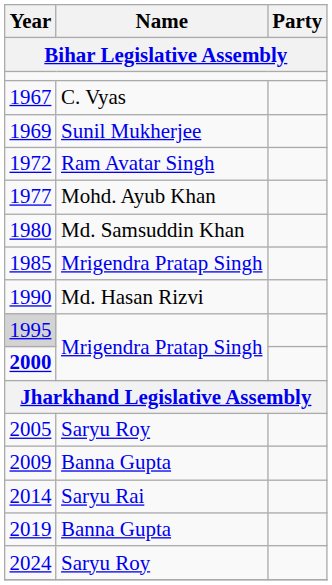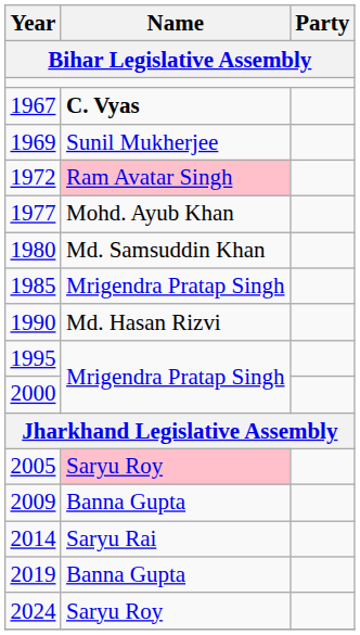 <table class ="wikitable sortable">
 <tr>
 <th>Year</th>
 <th>Name</th>
 <th colspan=2>Party</th>
 </tr>
 <tr>
 <th colspan=4><a href='#'>Bihar Legislative Assembly</a></th>
 </tr>
 <tr>
 <td colspan="4"></td>
 </tr>
 <tr>
 <td><a href='#'>1967</a></td>
-<td>C. Vyas</td>
+<td><strong>C. Vyas</strong></td>
 <td></td>
 </tr>
 <tr>
 <td><a href='#'>1969</a></td>
 <td><a href='#'>Sunil Mukherjee</a></td>
 <td></td>
 </tr>
 <tr>
 <td><a href='#'>1972</a></td>
-<td><a href='#'>Ram Avatar Singh</a></td>
+<td style="background: pink;"><a href='#'>Ram Avatar Singh</a></td>
 </tr>
 <tr>
 <td><a href='#'>1977</a></td>
 <td>Mohd. Ayub Khan</td>
 <td></td>
 </tr>
 <tr>
 <td><a href='#'>1980</a></td>
 <td>Md. Samsuddin Khan</td>
 <td></td>
 </tr>
 <tr>
 <td><a href='#'>1985</a></td>
 <td><a href='#'>Mrigendra Pratap Singh</a></td>
 <td></td>
 </tr>
 <tr>
 <td><a href='#'>1990</a></td>
 <td>Md. Hasan Rizvi</td>
 <td></td>
 </tr>
 <tr>
-<td style="background: lightgrey;"><a href='#'>1995</a></td>
+<td><a href='#'>1995</a></td>
 <td rowspan="2"><a href='#'>Mrigendra Pratap Singh</a></td>
 <td></td>
 </tr>
 <tr>
-<td><strong><a href='#'>2000</a></strong></td>
+<td><a href='#'>2000</a></td>
 </tr>
 <tr>
 <th colspan=4><a href='#'>Jharkhand Legislative Assembly</a></th>
 </tr>
 <tr>
 <td><a href='#'>2005</a></td>
-<td><a href='#'>Saryu Roy</a></td>
+<td style="background: pink;"><a href='#'>Saryu Roy</a></td>
 <td></td>
 </tr>
 <tr>
 <td><a href='#'>2009</a></td>
 <td><a href='#'>Banna Gupta</a></td>
 <td></td>
 </tr>
 <tr>
 <td><a href='#'>2014</a></td>
 <td><a href='#'>Saryu Rai</a></td>
 <td></td>
 </tr>
 <tr>
 <td><a href='#'>2019</a></td>
 <td><a href='#'>Banna Gupta</a></td>
 <td></td>
 </tr>
 <tr>
 <td><a href='#'>2024</a></td>
 <td><a href='#'>Saryu Roy</a></td>
 <td></td>
 </tr>
 <tr>
 </tr>
 </table>
